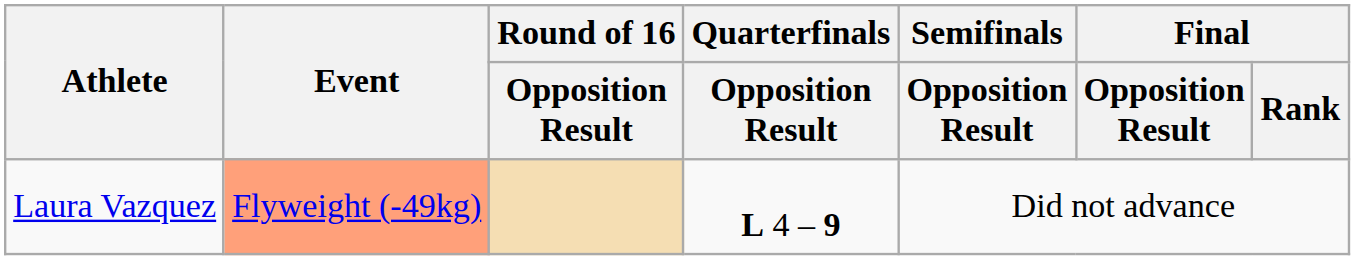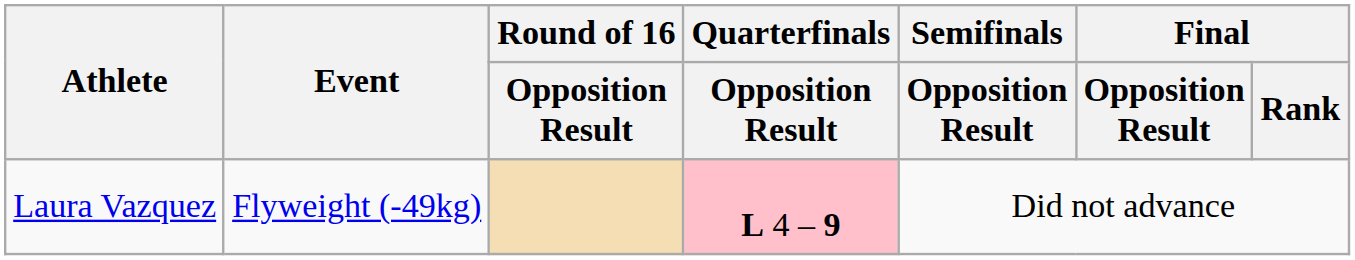 <table class="wikitable" style="font-size:90%">
 <tr>
 <th rowspan="2">Athlete</th>
 <th rowspan="2">Event</th>
 <th>Round of 16</th>
 <th>Quarterfinals</th>
 <th>Semifinals</th>
 <th colspan="2">Final</th>
 </tr>
 <tr>
 <th>Opposition<br>Result</th>
 <th>Opposition<br>Result</th>
 <th>Opposition<br>Result</th>
 <th>Opposition<br>Result</th>
 <th>Rank</th>
 </tr>
 <tr>
 <td><a href='#'>Laura Vazquez</a></td>
-<td style="background: lightsalmon;"><a href='#'>Flyweight (-49kg)</a></td>
+<td><a href='#'>Flyweight (-49kg)</a></td>
 <td align=center bgcolor=wheat></td>
-<td align=center><br><strong>L</strong> 4 – <strong>9</strong></td>
+<td align=center style="background: pink;"><br><strong>L</strong> 4 – <strong>9</strong></td>
 <td align=center colspan="7">Did not advance</td>
 </tr>
 </table>
